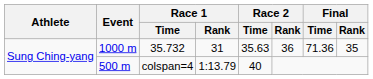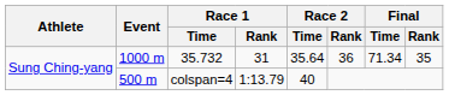 <table class="wikitable" style="font-size:90%">
 <tr>
 <th rowspan=2>Athlete</th>
 <th rowspan=2>Event</th>
 <th colspan=2>Race 1</th>
 <th colspan=2>Race 2</th>
 <th colspan=2>Final</th>
 </tr>
 <tr style="font-size:95%">
 <th>Time</th>
 <th>Rank</th>
 <th>Time</th>
 <th>Rank</th>
 <th>Time</th>
 <th>Rank</th>
 </tr>
 <tr align=center>
 <td align=left rowspan=2><a href='#'>Sung Ching-yang</a></td>
 <td align=left><a href='#'>1000 m</a></td>
 <td>35.732</td>
 <td>31</td>
-<td>35.63</td>
+<td>35.64</td>
 <td>36</td>
-<td>71.36</td>
+<td>71.34</td>
 <td>35</td>
 </tr>
 <tr align=center>
 <td align=left><a href='#'>500 m</a></td>
 <td>colspan=4 </td>
 <td>1:13.79</td>
 <td>40</td>
 </tr>
 </table>
